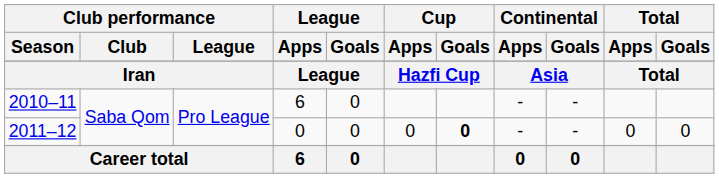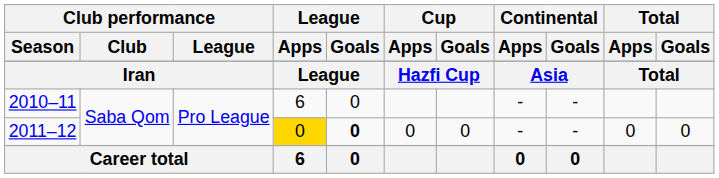 <table class="wikitable" style="text-align:center">
 <tr>
 <th colspan=3>Club performance</th>
 <th colspan=2>League</th>
 <th colspan=2>Cup</th>
 <th colspan=2>Continental</th>
 <th colspan=2>Total</th>
 </tr>
 <tr>
 <th>Season</th>
 <th>Club</th>
 <th>League</th>
 <th>Apps</th>
 <th>Goals</th>
 <th>Apps</th>
 <th>Goals</th>
 <th>Apps</th>
 <th>Goals</th>
 <th>Apps</th>
 <th>Goals</th>
 </tr>
 <tr>
 </tr>
 <tr>
 <th colspan=3>Iran</th>
 <th colspan=2>League</th>
 <th colspan=2><a href='#'>Hazfi Cup</a></th>
 <th colspan=2><a href='#'>Asia</a></th>
 <th colspan=2>Total</th>
 </tr>
 <tr>
 <td><a href='#'>2010–11</a></td>
 <td rowspan="2"><a href='#'>Saba Qom</a></td>
 <td rowspan="2"><a href='#'>Pro League</a></td>
 <td>6</td>
 <td>0</td>
 <td></td>
 <td></td>
 <td>-</td>
 <td>-</td>
 <td></td>
 <td></td>
 </tr>
 <tr>
 <td><a href='#'>2011–12</a></td>
+<td style="background: gold;">0</td>
+<td><strong>0</strong></td>
 <td>0</td>
 <td>0</td>
-<td>0</td>
-<td><strong>0</strong></td>
 <td>-</td>
 <td>-</td>
 <td>0</td>
 <td>0</td>
 </tr>
 <tr>
 </tr>
 <tr>
 <th colspan=3>Career total</th>
 <th>6</th>
 <th>0</th>
 <th></th>
 <th></th>
 <th>0</th>
 <th>0</th>
 <th></th>
 <th></th>
 </tr>
 </table>
